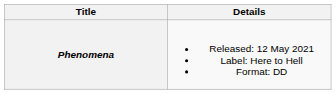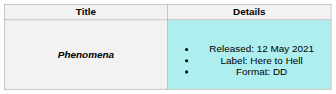 <table class="wikitable plainrowheaders" style="text-align:center;" border="1">
 <tr>
 <th scope="col" rowspan="1" style="width:16em;">Title</th>
 <th scope="col" rowspan="1" style="width:16em;">Details</th>
 </tr>
 <tr>
 <th scope="row"><em>Phenomena</em></th>
-<td><br><ul><li>Released: 12 May 2021 </li><li>Label: Here to Hell </li><li>Format: DD</li></ul></td>
+<td style="background: paleturquoise;"><br><ul><li>Released: 12 May 2021 </li><li>Label: Here to Hell </li><li>Format: DD</li></ul></td>
 </tr>
 </table>
